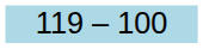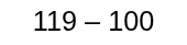 <table style="text-align:center;">
 <tr>
 <th width=200></th>
 <th width=100></th>
 <th width=200></th>
 <th></th>
 </tr>
 <tr>
 <td align=right><strong></strong></td>
-<td style="background: lightblue;">119 – 100</td>
+<td>119 – 100</td>
 <td align=left></td>
 </tr>
 </table>
